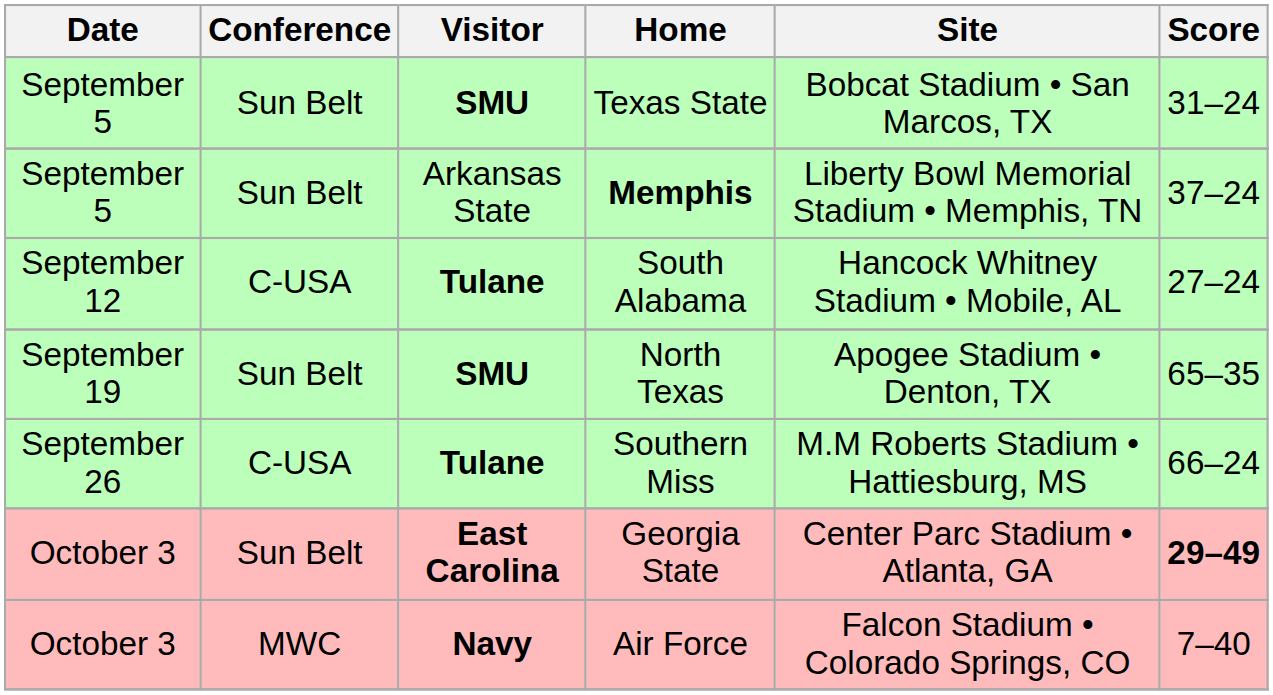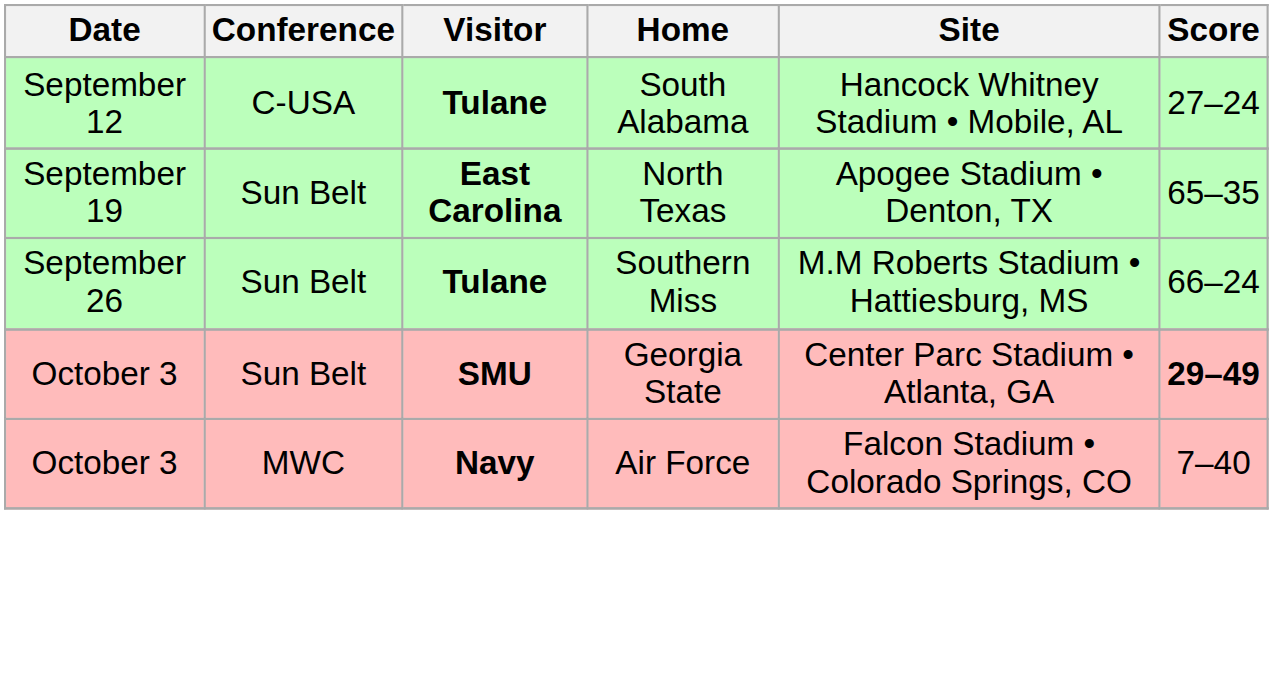 <table class="wikitable" style="text-align:center">
 <tr>
 <th>Date</th>
 <th>Conference</th>
 <th>Visitor</th>
 <th>Home</th>
 <th>Site</th>
 <th>Score</th>
 </tr>
 <tr>
 </tr>
-<tr style="background:#bfb">
-<td>September 5</td>
-<td>Sun Belt</td>
-<td><strong>SMU</strong></td>
-<td>Texas State</td>
-<td>Bobcat Stadium • San Marcos, TX</td>
-<td>31–24</td>
-</tr>
 <tr>
-</tr>
-<tr style="background:#bfb">
-<td>September 5</td>
-<td>Sun Belt</td>
-<td>Arkansas State</td>
-<td><strong>Memphis</strong></td>
-<td>Liberty Bowl Memorial Stadium • Memphis, TN</td>
-<td>37–24</td>
 </tr>
 <tr>
 </tr>
 <tr style="background:#bfb">
 <td>September 12</td>
 <td>C-USA</td>
 <td><strong>Tulane</strong></td>
 <td>South Alabama</td>
 <td>Hancock Whitney Stadium • Mobile, AL</td>
 <td>27–24</td>
 </tr>
 <tr>
 </tr>
 <tr style="background:#bfb">
 <td>September 19</td>
 <td>Sun Belt</td>
-<td><strong>SMU</strong></td>
+<td><strong>East Carolina</strong></td>
 <td>North Texas</td>
 <td>Apogee Stadium • Denton, TX</td>
 <td>65–35</td>
 </tr>
 <tr>
 </tr>
 <tr style="background:#bfb">
 <td>September 26</td>
-<td>C-USA</td>
+<td>Sun Belt</td>
 <td><strong>Tulane</strong></td>
 <td>Southern Miss</td>
 <td>M.M Roberts Stadium • Hattiesburg, MS</td>
 <td>66–24</td>
 </tr>
 <tr>
 </tr>
 <tr style="background:#fbb">
 <td>October 3</td>
 <td>Sun Belt</td>
-<td><strong>East Carolina</strong></td>
+<td><strong>SMU</strong></td>
 <td>Georgia State</td>
 <td>Center Parc Stadium • Atlanta, GA</td>
 <td><strong>29–49</strong></td>
 </tr>
 <tr>
 </tr>
 <tr style="background:#fbb">
 <td>October 3</td>
 <td>MWC</td>
 <td><strong>Navy</strong></td>
 <td>Air Force</td>
 <td>Falcon Stadium • Colorado Springs, CO</td>
 <td>7–40</td>
 </tr>
 <tr>
 </tr>
 </table>
